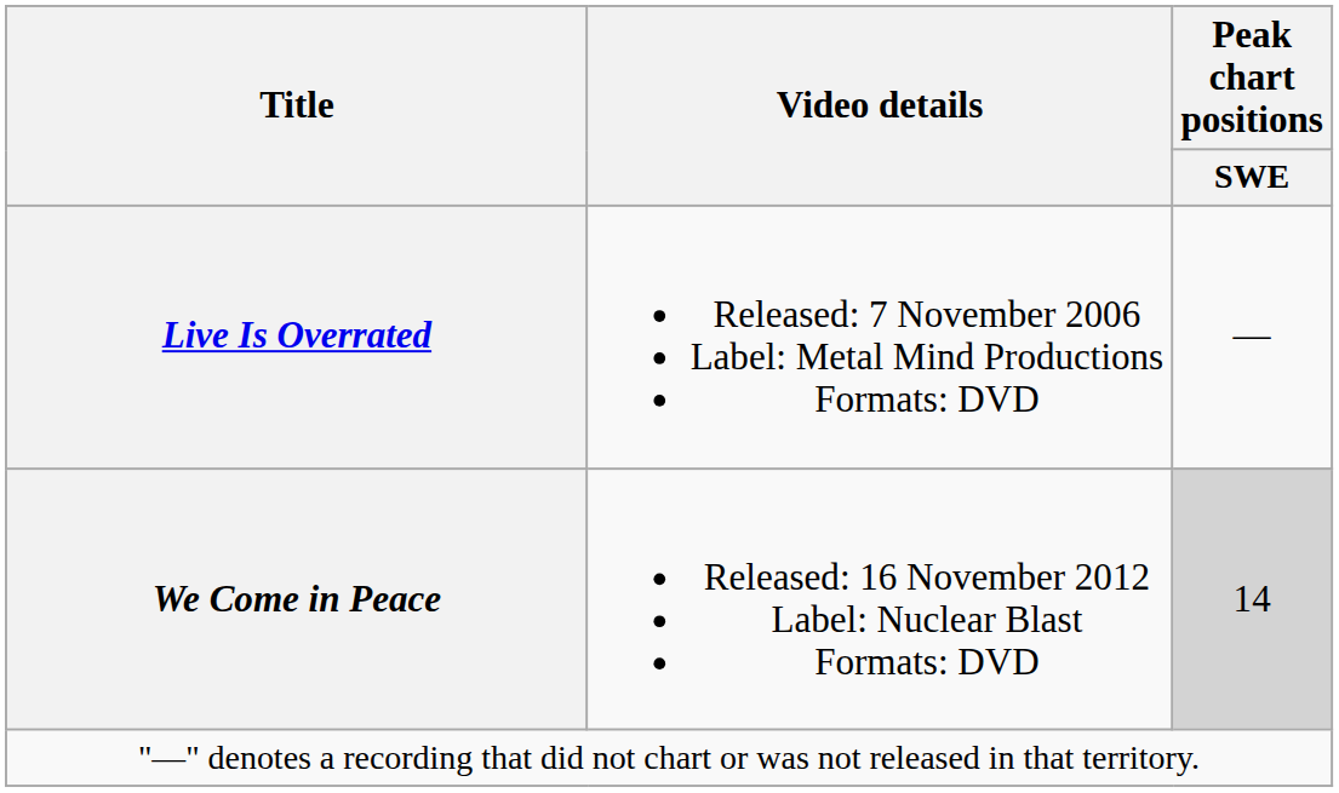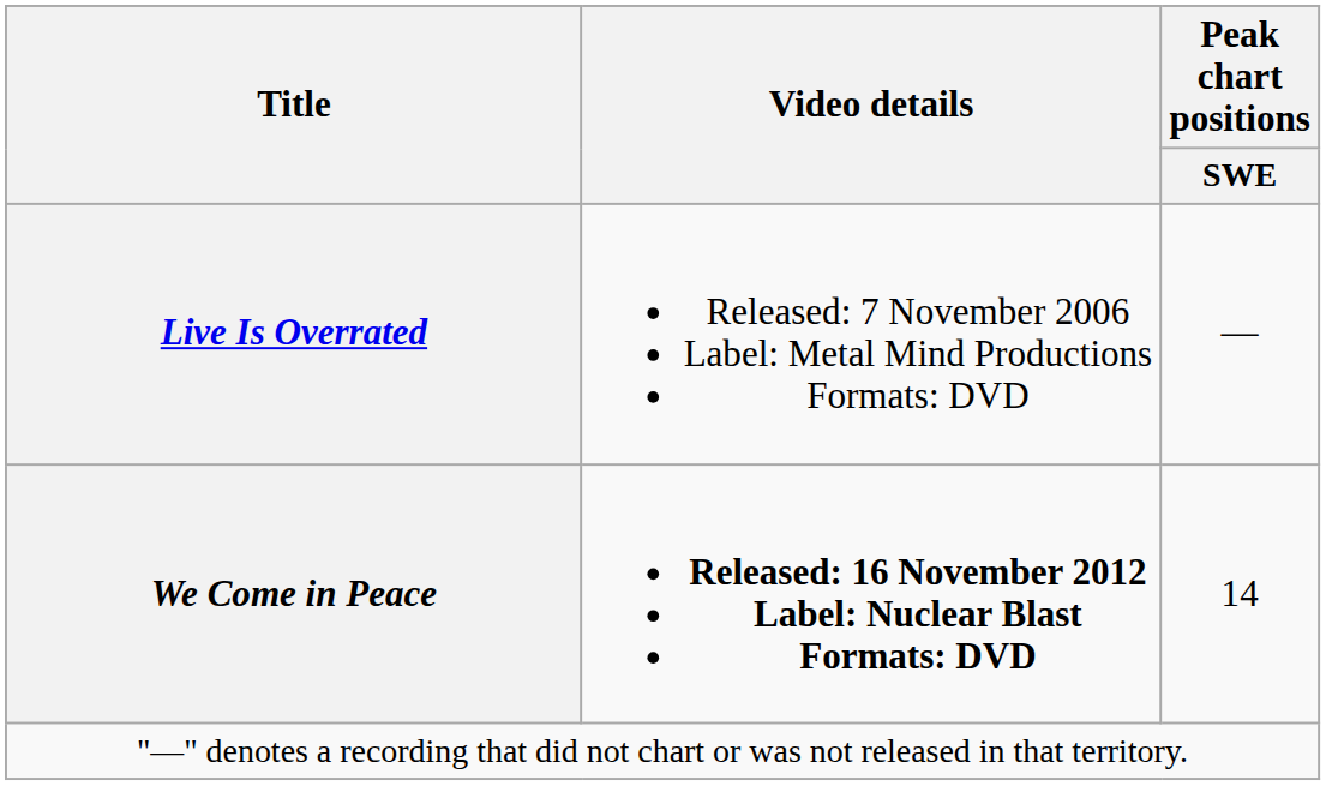 <table class="wikitable plainrowheaders" style="text-align:center;">
 <tr>
 <th scope="col" rowspan="2" style="width:15em;">Title</th>
 <th scope="col" rowspan="2">Video details</th>
 <th scope="col" colspan="1">Peak chart positions</th>
 </tr>
 <tr>
 <th scope="col" style="width:3em;font-size:90%;">SWE<br></th>
 </tr>
 <tr>
 <th scope="row"><em><a href='#'>Live Is Overrated</a></em></th>
 <td><br><ul><li>Released: 7 November 2006</li><li>Label: Metal Mind Productions</li><li>Formats: DVD</li></ul></td>
 <td>—</td>
 </tr>
 <tr>
 <th scope="row"><em>We Come in Peace</em></th>
-<td><br><ul><li>Released: 16 November 2012</li><li>Label: Nuclear Blast</li><li>Formats: DVD</li></ul></td>
-<td style="background: lightgrey;">14</td>
+<td><strong><br><ul><li>Released: 16 November 2012</li><li>Label: Nuclear Blast</li><li>Formats: DVD</li></ul></strong></td>
+<td>14</td>
 </tr>
 <tr>
 <td colspan="10" style="font-size:90%">"—" denotes a recording that did not chart or was not released in that territory.</td>
 </tr>
 </table>
